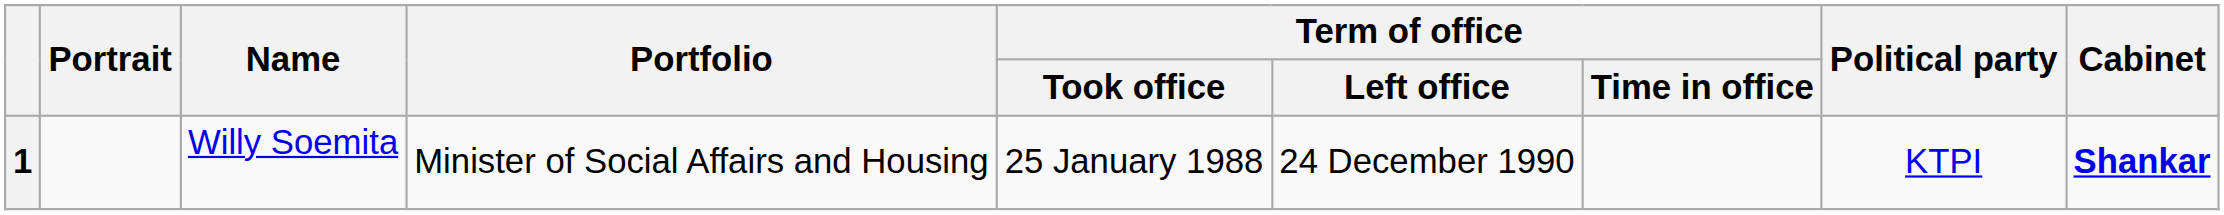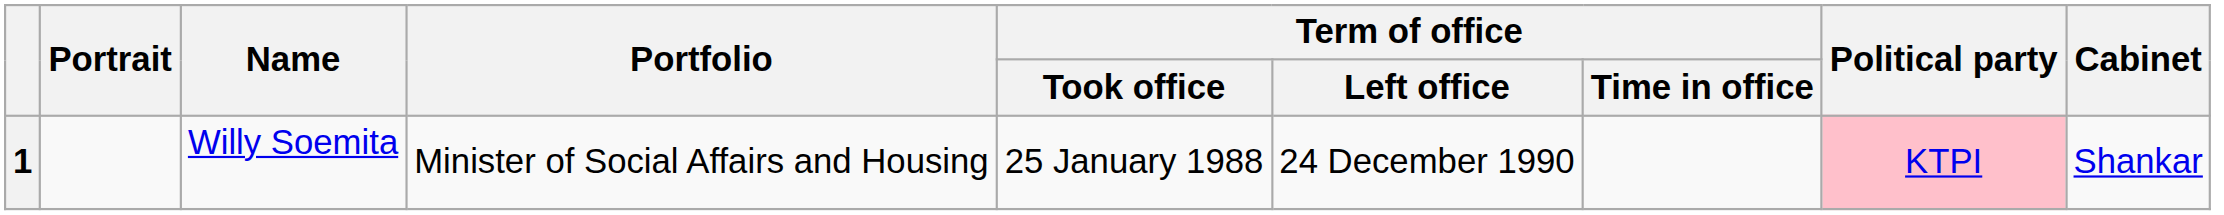 <table class="wikitable" style="text-align:center">
 <tr>
 <th rowspan=2></th>
 <th rowspan=2>Portrait</th>
 <th rowspan=2>Name<br></th>
 <th rowspan=2>Portfolio</th>
 <th colspan=3>Term of office</th>
 <th rowspan=2>Political party</th>
 <th rowspan=2>Cabinet</th>
 </tr>
 <tr>
 <th>Took office</th>
 <th>Left office</th>
 <th>Time in office</th>
 </tr>
 <tr>
 <th style="background:">1</th>
 <td></td>
 <td><a href='#'>Willy Soemita</a><br><br></td>
 <td>Minister of Social Affairs and Housing</td>
 <td>25 January 1988</td>
 <td>24 December 1990<br></td>
 <td></td>
-<td><a href='#'>KTPI</a></td>
-<td><strong><a href='#'>Shankar</a></strong></td>
+<td style="background: pink;"><a href='#'>KTPI</a></td>
+<td><a href='#'>Shankar</a></td>
 </tr>
 </table>
